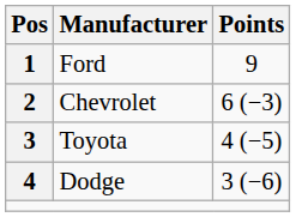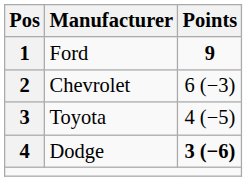 <table class="wikitable">
 <tr>
 <th scope="col">Pos</th>
 <th scope="col">Manufacturer</th>
 <th scope="col">Points</th>
 </tr>
 <tr>
 <th scope="row">1</th>
 <td>Ford</td>
-<td style="text-align:center;">9</td>
+<td style="text-align:center;"><strong>9</strong></td>
 </tr>
 <tr>
 <th scope="row">2</th>
 <td>Chevrolet</td>
 <td style="text-align:center;">6 (−3)</td>
 </tr>
 <tr>
 <th scope="row">3</th>
 <td>Toyota</td>
 <td style="text-align:center;">4 (−5)</td>
 </tr>
 <tr>
 <th scope="row">4</th>
 <td>Dodge</td>
-<td style="text-align:center;">3 (−6)</td>
+<td style="text-align:center;"><strong>3 (−6)</strong></td>
 </tr>
 <tr class="sortbottom">
 <td colspan="9"></td>
 </tr>
 </table>
